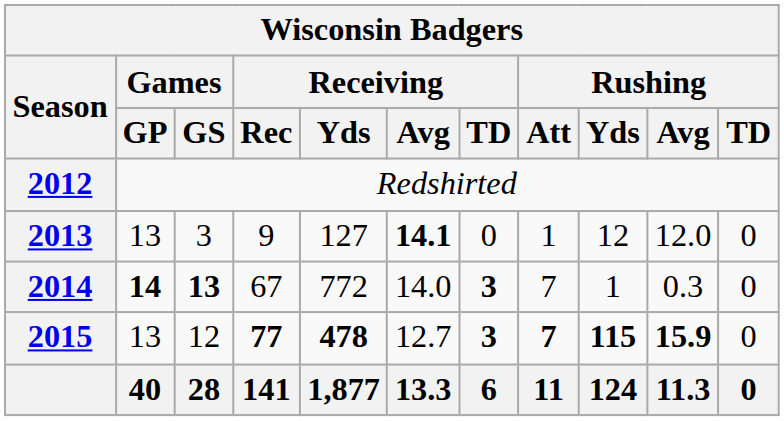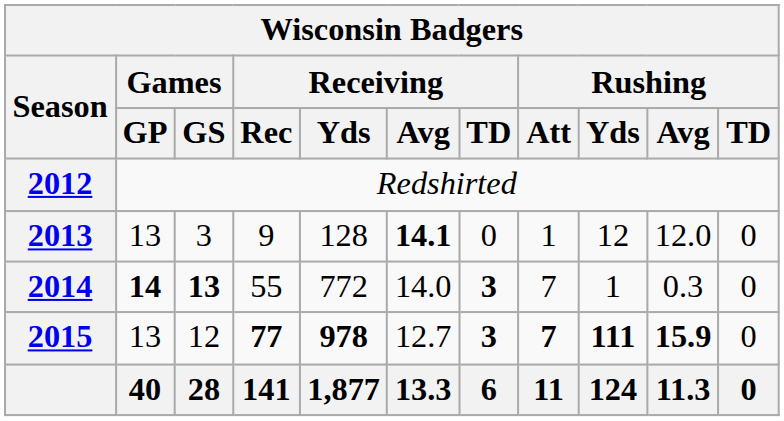 <table class="wikitable" style="text-align: center;">
 <tr>
 <th colspan="15">Wisconsin Badgers</th>
 </tr>
 <tr>
 <th rowspan="2">Season</th>
 <th colspan="2">Games</th>
 <th colspan="4">Receiving</th>
 <th colspan="4">Rushing</th>
 </tr>
 <tr>
 <th>GP</th>
 <th>GS</th>
 <th>Rec</th>
 <th>Yds</th>
 <th>Avg</th>
 <th>TD</th>
 <th>Att</th>
 <th>Yds</th>
 <th>Avg</th>
 <th>TD</th>
 </tr>
 <tr>
 <th><a href='#'>2012</a></th>
 <td colspan="14"><em>Redshirted </em></td>
 </tr>
 <tr>
 <th><a href='#'>2013</a></th>
 <td>13</td>
 <td>3</td>
 <td>9</td>
-<td>127</td>
+<td>128</td>
 <td><strong>14.1</strong></td>
 <td>0</td>
 <td>1</td>
 <td>12</td>
 <td>12.0</td>
 <td>0</td>
 </tr>
 <tr>
 <th><a href='#'>2014</a></th>
 <td><strong>14</strong></td>
 <td><strong>13</strong></td>
-<td>67</td>
+<td>55</td>
 <td>772</td>
 <td>14.0</td>
 <td><strong>3</strong></td>
 <td>7</td>
 <td>1</td>
 <td>0.3</td>
 <td>0</td>
 </tr>
 <tr>
 <th><a href='#'>2015</a></th>
 <td>13</td>
 <td>12</td>
 <td><strong>77</strong></td>
-<td><strong>478</strong></td>
+<td><strong>978</strong></td>
 <td>12.7</td>
 <td><strong>3</strong></td>
 <td><strong>7</strong></td>
-<td><strong>115</strong></td>
+<td><strong>111</strong></td>
 <td><strong>15.9</strong></td>
 <td>0</td>
 </tr>
 <tr>
 <th></th>
 <th>40</th>
 <th>28</th>
 <th>141</th>
 <th>1,877</th>
 <th>13.3</th>
 <th>6</th>
 <th>11</th>
 <th>124</th>
 <th>11.3</th>
 <th>0</th>
 </tr>
 </table>
